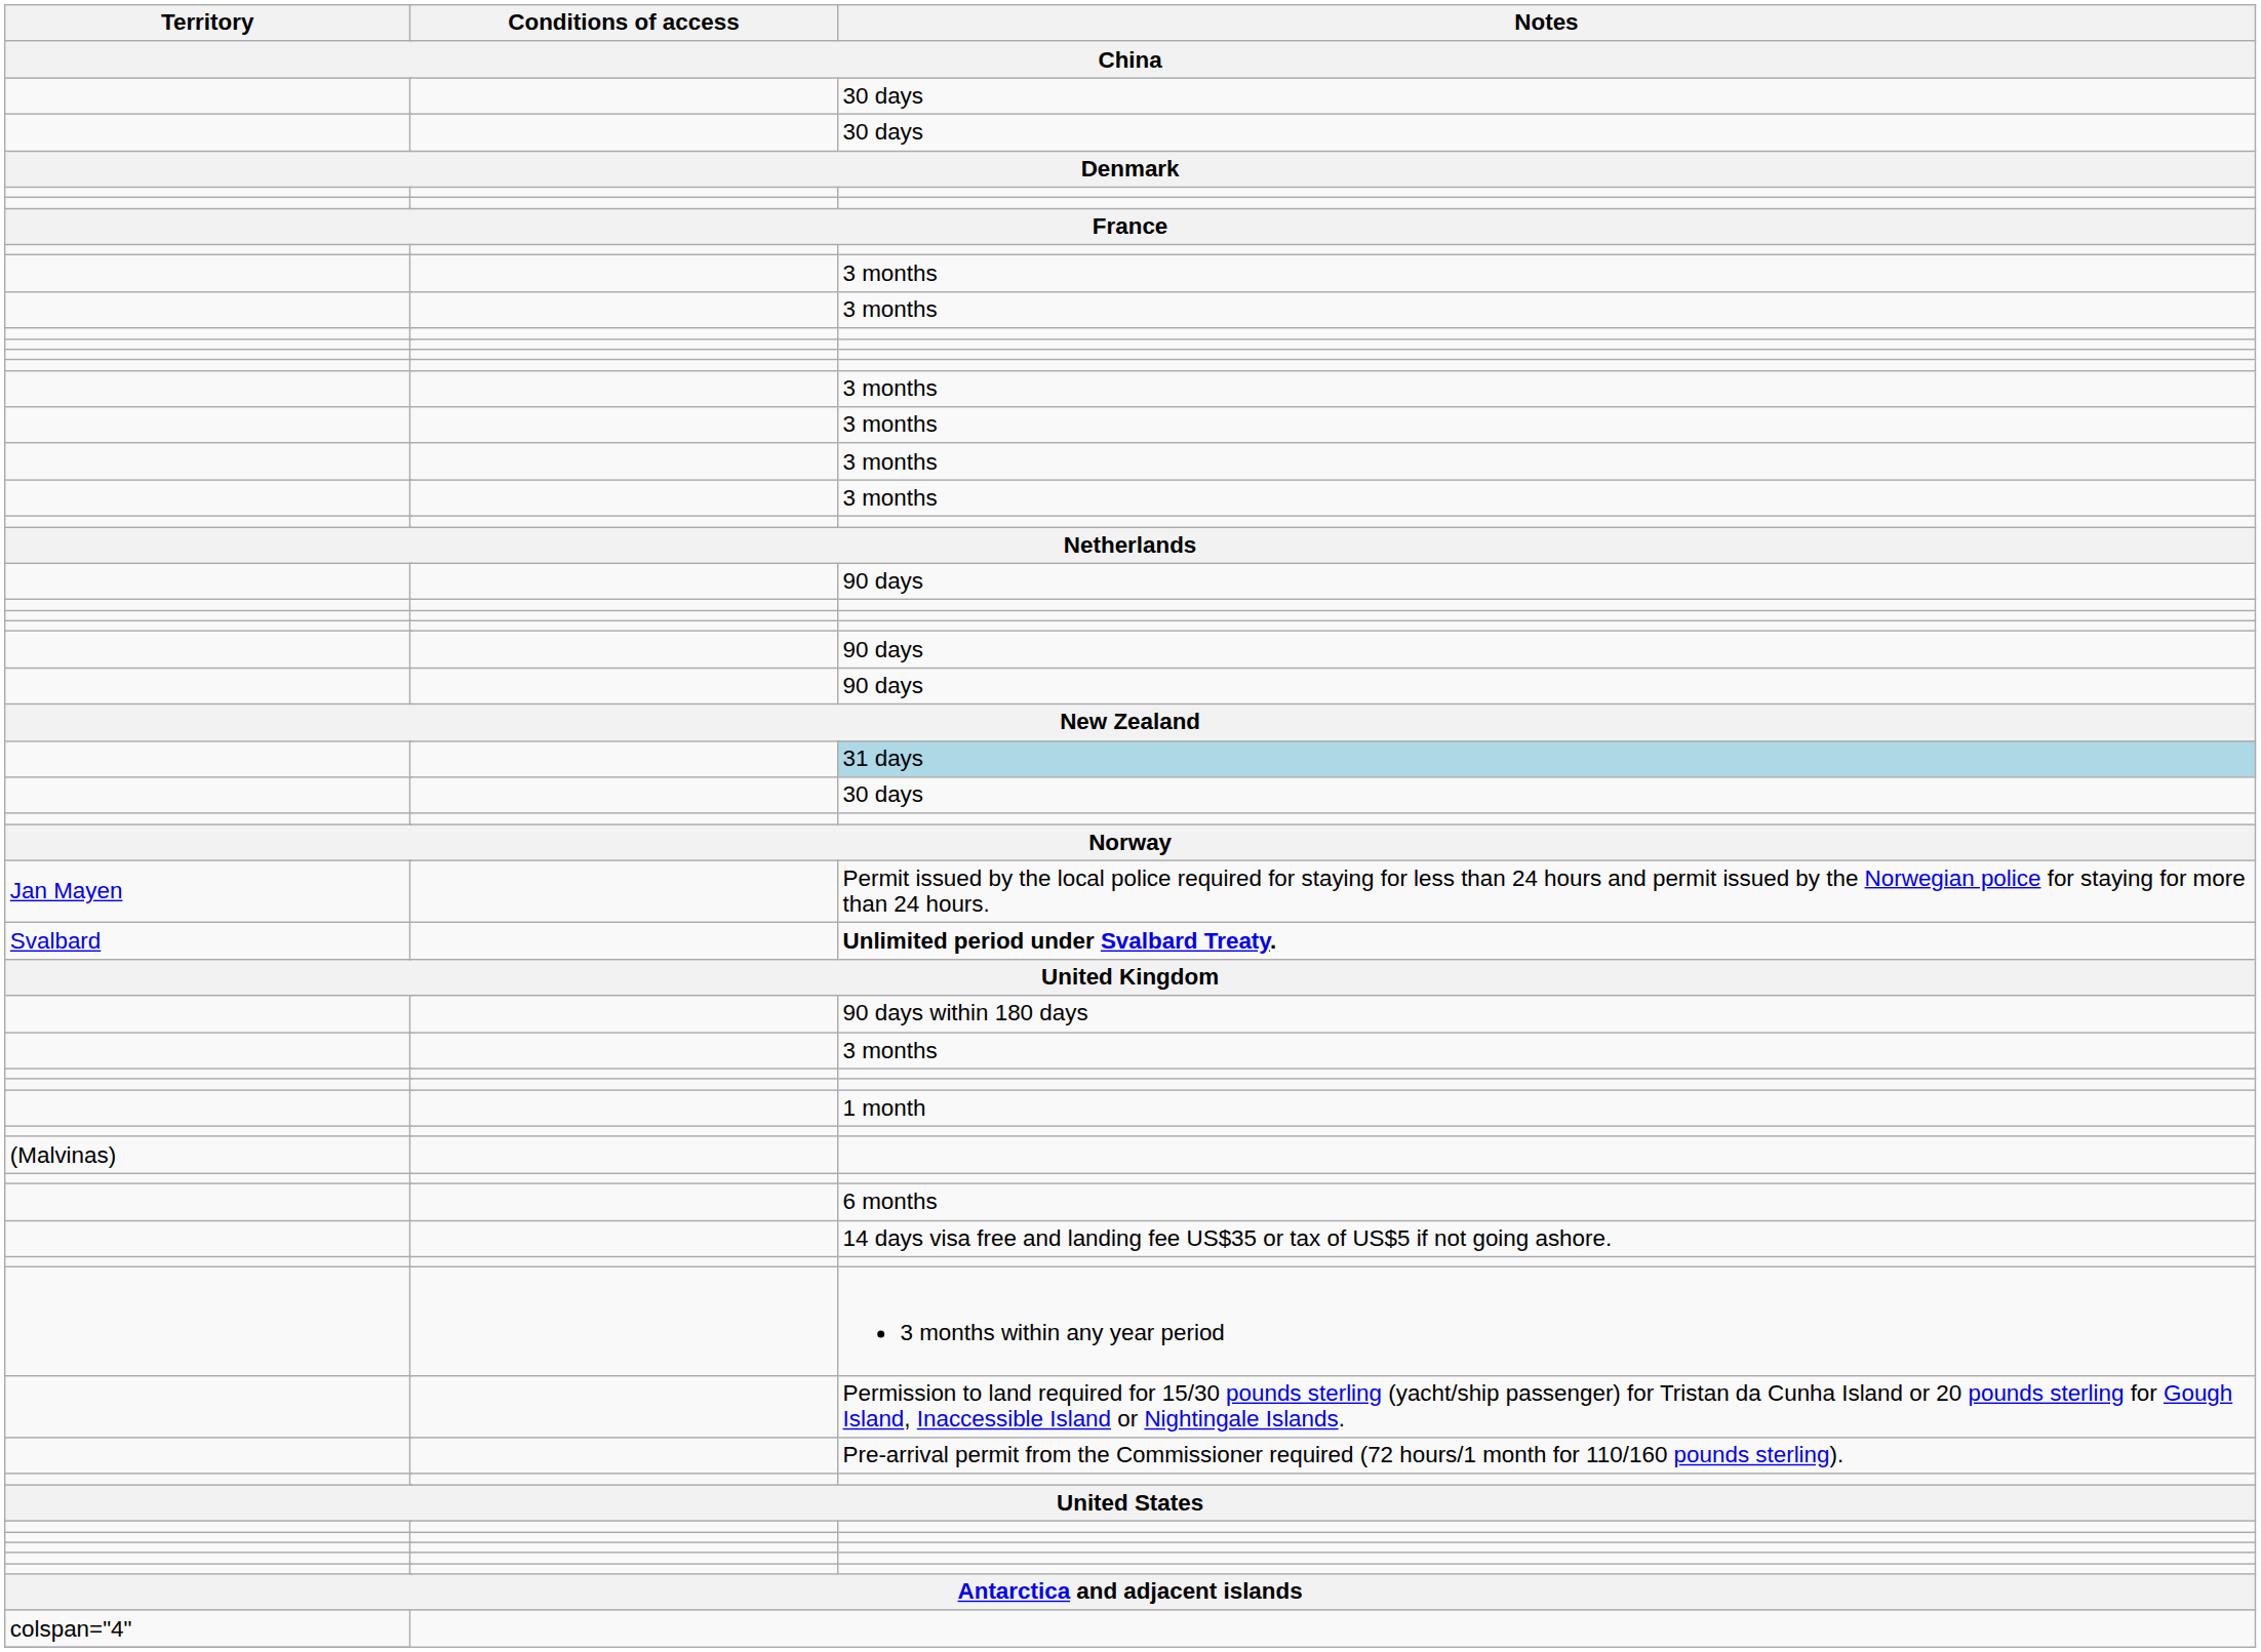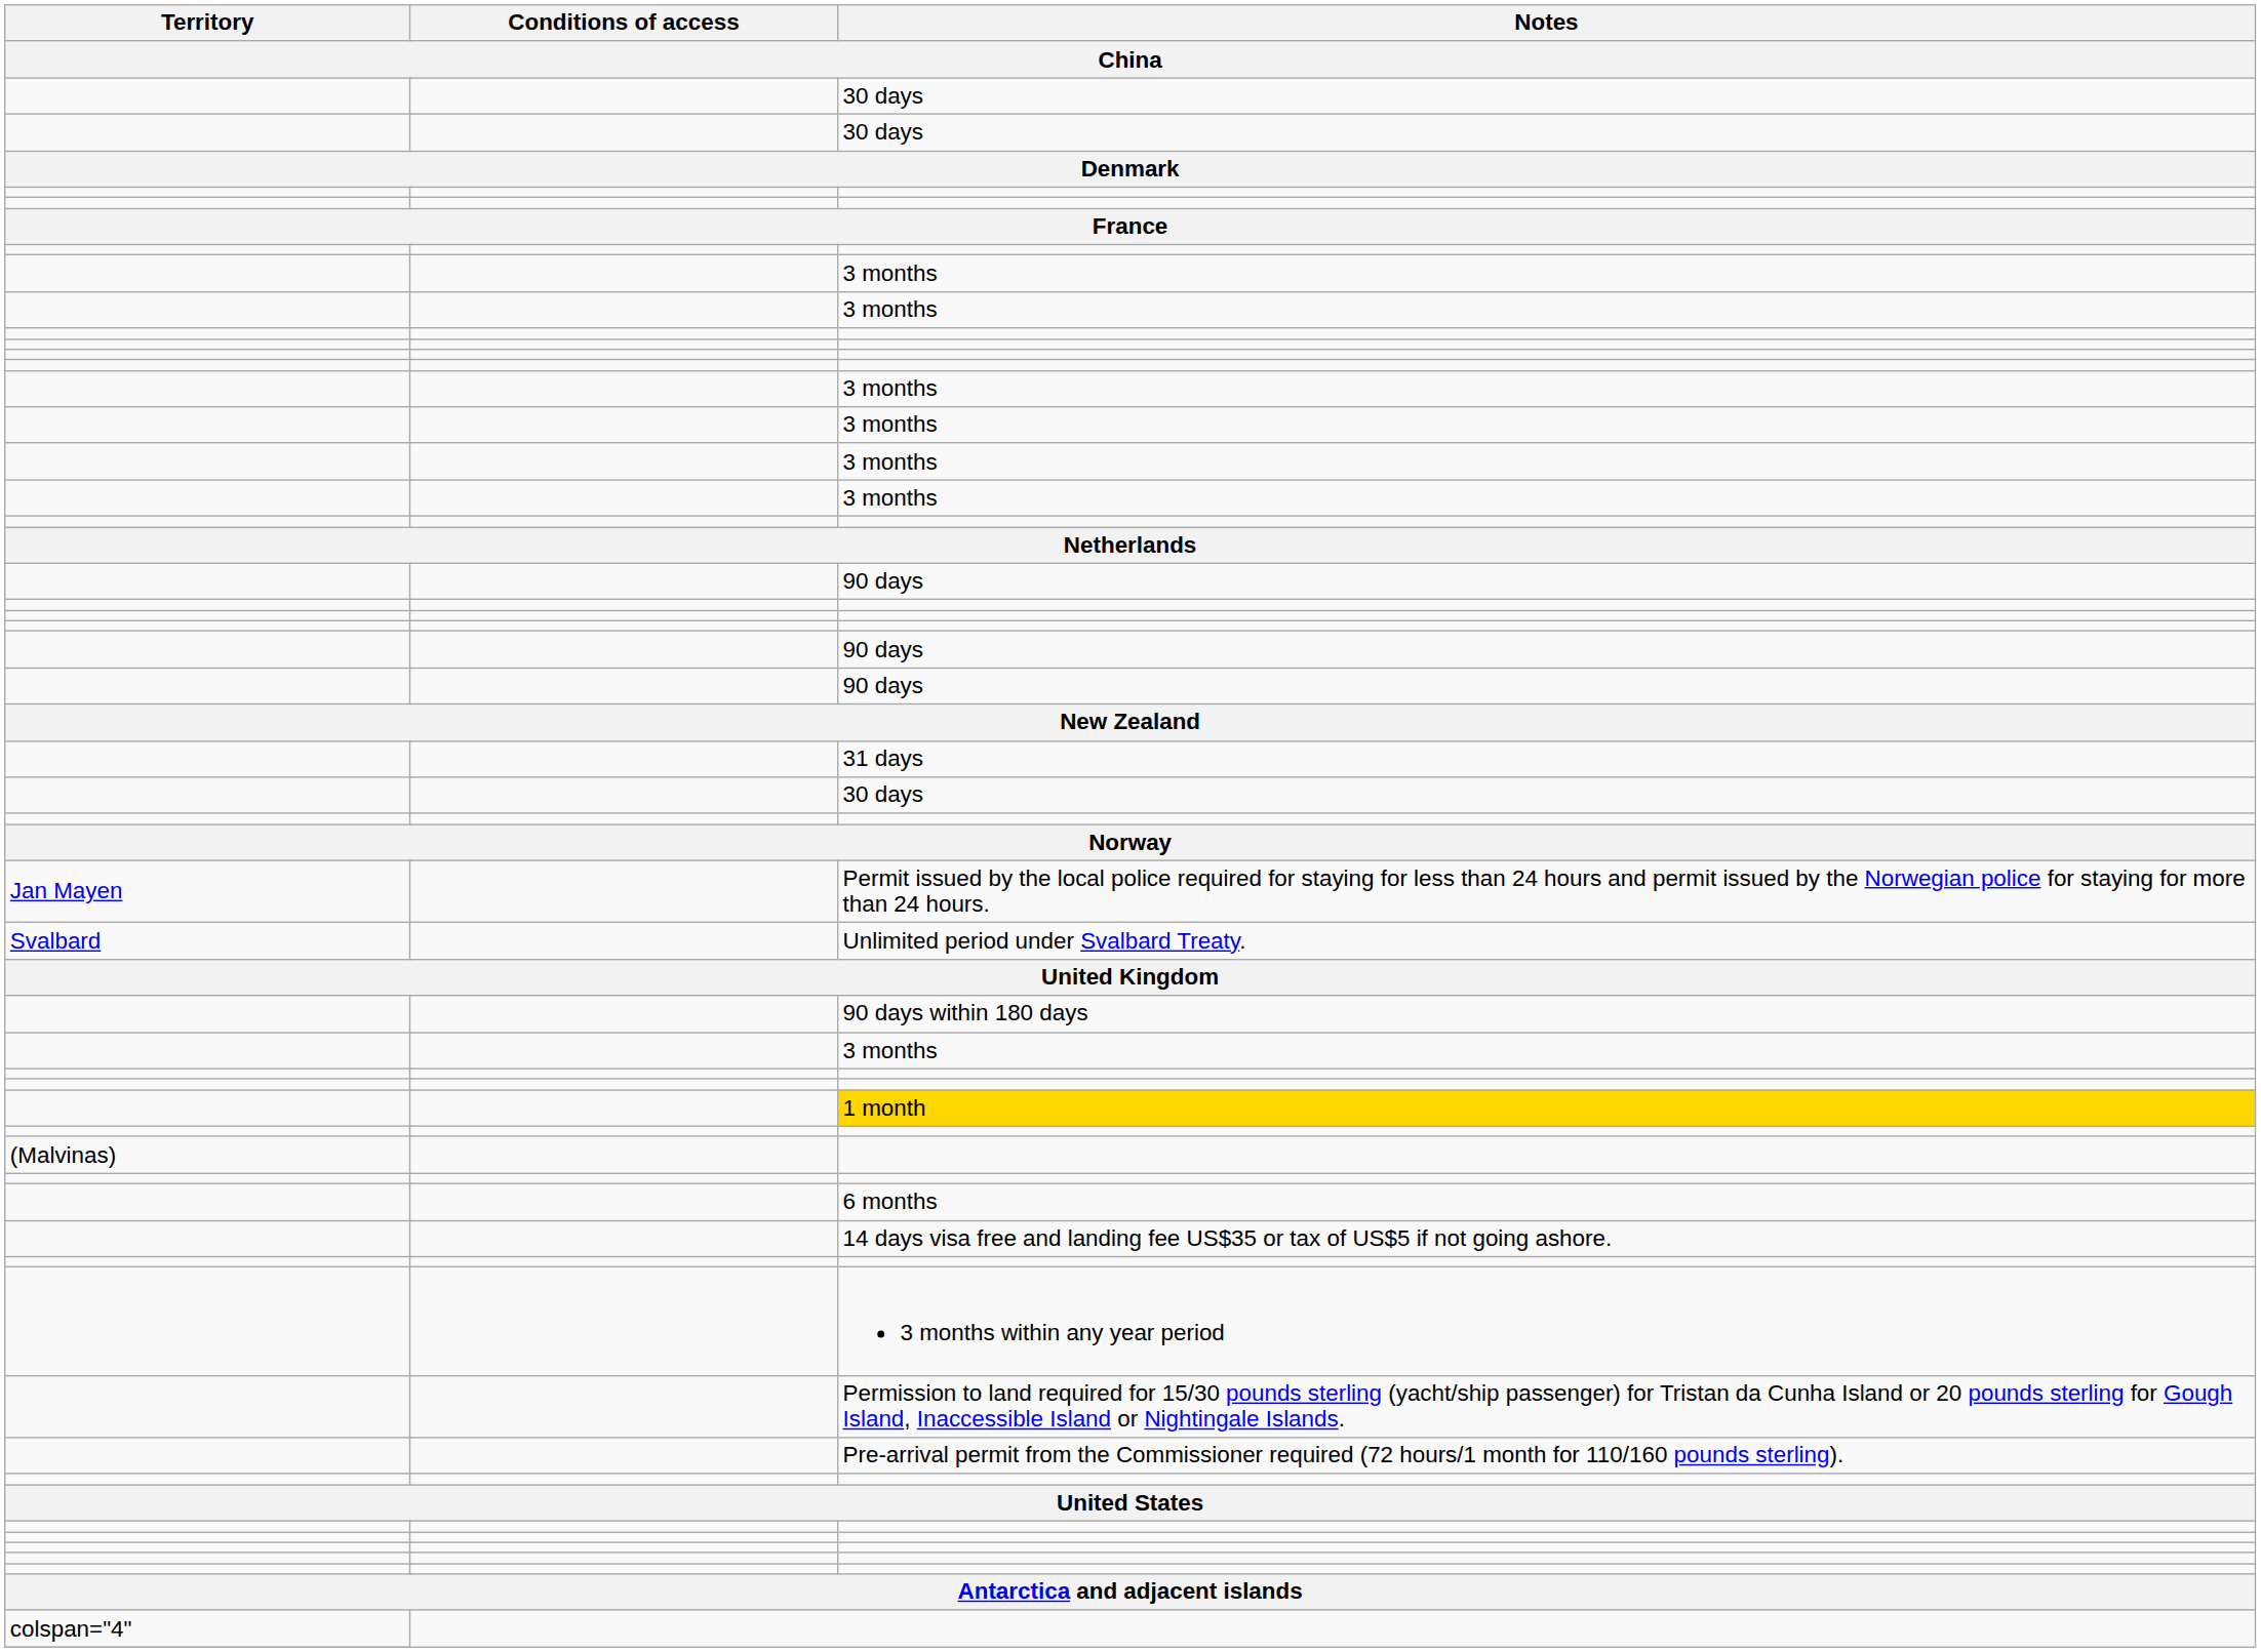 <table class="wikitable" style="text-align: left; table-layout: fixed;">
 <tr>
 <th colspan=2 width="18%">Territory</th>
 <th width="19%">Conditions of access</th>
 <th>Notes</th>
 </tr>
 <tr>
 <th colspan="4">China</th>
 </tr>
 <tr>
 <td colspan=2></td>
 <td></td>
 <td>30 days</td>
 </tr>
 <tr>
 <td colspan=2></td>
 <td></td>
 <td>30 days</td>
 </tr>
 <tr>
 <th colspan="4">Denmark</th>
 </tr>
 <tr>
 <td colspan=2></td>
 <td></td>
 <td></td>
 </tr>
 <tr>
 <td colspan=2></td>
 <td></td>
 <td></td>
 </tr>
 <tr>
 <th colspan="4">France</th>
 </tr>
 <tr>
 <td colspan=2></td>
 <td></td>
 <td></td>
 </tr>
 <tr>
 <td colspan=2></td>
 <td></td>
 <td>3 months</td>
 </tr>
 <tr>
 <td colspan=2></td>
 <td></td>
 <td>3 months</td>
 </tr>
 <tr>
 <td colspan=2></td>
 <td></td>
 <td></td>
 </tr>
 <tr>
 <td colspan=2></td>
 <td></td>
 <td></td>
 </tr>
 <tr>
 <td colspan=2></td>
 <td></td>
 <td></td>
 </tr>
 <tr>
 <td colspan=2></td>
 <td></td>
 <td></td>
 </tr>
 <tr>
 <td colspan=2></td>
 <td></td>
 <td>3 months</td>
 </tr>
 <tr>
 <td colspan=2></td>
 <td></td>
 <td>3 months</td>
 </tr>
 <tr>
 <td colspan=2></td>
 <td></td>
 <td>3 months</td>
 </tr>
 <tr>
 <td colspan=2></td>
 <td></td>
 <td>3 months</td>
 </tr>
 <tr>
 <td colspan=2></td>
 <td></td>
 <td></td>
 </tr>
 <tr>
 <th colspan="4">Netherlands</th>
 </tr>
 <tr>
 <td colspan=2></td>
 <td></td>
 <td>90 days</td>
 </tr>
 <tr>
 <td colspan=2></td>
 <td></td>
 <td></td>
 </tr>
 <tr>
 <td colspan=2></td>
 <td></td>
 <td></td>
 </tr>
 <tr>
 <td colspan=2></td>
 <td></td>
 <td></td>
 </tr>
 <tr>
 <td colspan=2></td>
 <td></td>
 <td>90 days</td>
 </tr>
 <tr>
 <td colspan=2></td>
 <td></td>
 <td>90 days</td>
 </tr>
 <tr>
 <th colspan="4">New Zealand</th>
 </tr>
 <tr>
 <td colspan=2></td>
 <td></td>
-<td style="background: lightblue;">31 days</td>
+<td>31 days</td>
 </tr>
 <tr>
 <td colspan=2></td>
 <td></td>
 <td>30 days</td>
 </tr>
 <tr>
 <td colspan=2></td>
 <td></td>
 <td></td>
 </tr>
 <tr>
 <th colspan="4">Norway</th>
 </tr>
 <tr>
 <td colspan=2> <a href='#'>Jan Mayen</a></td>
 <td></td>
 <td>Permit issued by the local police required for staying for less than 24 hours and permit issued by the <a href='#'>Norwegian police</a> for staying for more than 24 hours.</td>
 </tr>
 <tr>
 <td colspan=2> <a href='#'>Svalbard</a></td>
 <td></td>
-<td><strong>Unlimited period under <a href='#'>Svalbard Treaty</a>.</strong></td>
+<td>Unlimited period under <a href='#'>Svalbard Treaty</a>.</td>
 </tr>
 <tr>
 <th colspan="4">United Kingdom</th>
 </tr>
 <tr>
 <td colspan=2></td>
 <td></td>
 <td>90 days within 180 days</td>
 </tr>
 <tr>
 <td colspan=2></td>
 <td></td>
 <td>3 months</td>
 </tr>
 <tr>
 <td colspan=2></td>
 <td></td>
 <td></td>
 </tr>
 <tr>
 <td colspan=2></td>
 <td></td>
 <td></td>
 </tr>
 <tr>
 <td colspan=2></td>
 <td></td>
-<td>1 month</td>
+<td style="background: gold;">1 month</td>
 </tr>
 <tr>
 <td colspan=2></td>
 <td></td>
 <td></td>
 </tr>
 <tr>
 <td colspan=2> (Malvinas)</td>
 <td></td>
 <td></td>
 </tr>
 <tr>
 <td colspan=2></td>
 <td></td>
 <td></td>
 </tr>
 <tr>
 <td colspan=2></td>
 <td></td>
 <td>6 months</td>
 </tr>
 <tr>
 <td colspan=2></td>
 <td></td>
 <td>14 days visa free and landing fee US$35 or tax of US$5 if not going ashore.</td>
 </tr>
 <tr>
 <td colspan=2></td>
 <td></td>
 <td></td>
 </tr>
 <tr>
 <td colspan=2></td>
 <td></td>
 <td><br><ul><li>3 months within any year period</li></ul></td>
 </tr>
 <tr>
 <td colspan=2></td>
 <td></td>
 <td>Permission to land required for 15/30 <a href='#'>pounds sterling</a> (yacht/ship passenger) for Tristan da Cunha Island or 20 <a href='#'>pounds sterling</a> for <a href='#'>Gough Island</a>, <a href='#'>Inaccessible Island</a> or <a href='#'>Nightingale Islands</a>.</td>
 </tr>
 <tr>
 <td colspan=2></td>
 <td></td>
 <td>Pre-arrival permit from the Commissioner required (72 hours/1 month for 110/160 <a href='#'>pounds sterling</a>).</td>
 </tr>
 <tr>
 <td colspan=2></td>
 <td></td>
 <td></td>
 </tr>
 <tr>
 <th colspan="4">United States</th>
 </tr>
 <tr>
 <td colspan=2></td>
 <td></td>
 <td></td>
 </tr>
 <tr>
 <td colspan=2></td>
 <td></td>
 <td></td>
 </tr>
 <tr>
 <td colspan=2></td>
 <td></td>
 <td></td>
 </tr>
 <tr>
 <td colspan=2></td>
 <td></td>
 <td></td>
 </tr>
 <tr>
 <td colspan=2></td>
 <td></td>
 <td></td>
 </tr>
 <tr>
 <th colspan="4"><a href='#'>Antarctica</a> and adjacent islands</th>
 </tr>
 <tr>
 <td>colspan="4" </td>
 </tr>
 <tr>
 </tr>
 </table>
